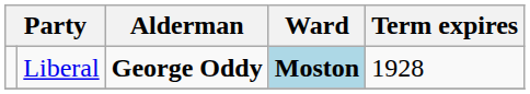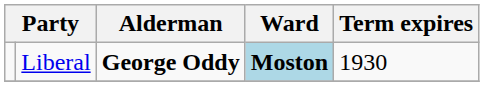 <table class="wikitable">
 <tr>
 <th colspan="2">Party</th>
 <th>Alderman</th>
 <th>Ward</th>
 <th>Term expires</th>
 </tr>
 <tr>
 <td style="background-color:"></td>
 <td><a href='#'>Liberal</a></td>
 <td><strong>George Oddy</strong></td>
 <td style="background: lightblue;"><strong>Moston</strong></td>
-<td>1928</td>
+<td>1930</td>
 </tr>
 <tr>
 </tr>
 </table>
